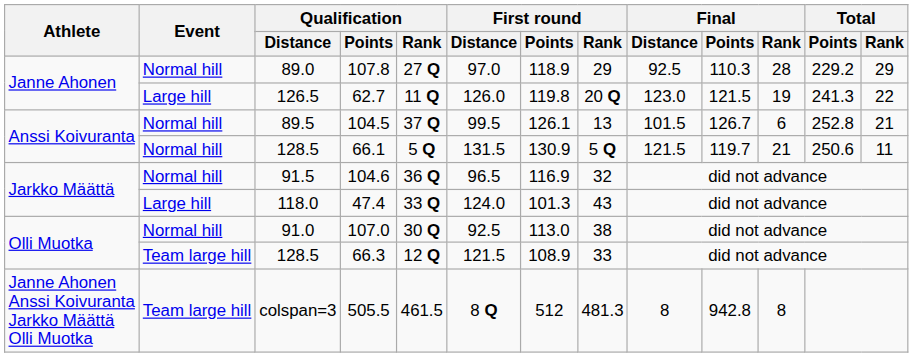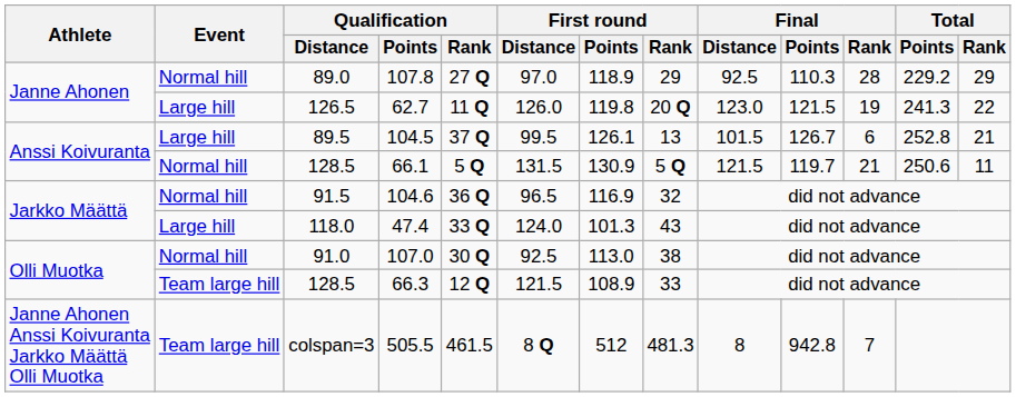 <table class="wikitable" style="font-size:90%">
 <tr>
 <th rowspan=2>Athlete</th>
 <th rowspan=2>Event</th>
 <th colspan=3>Qualification</th>
 <th colspan=3>First round</th>
 <th colspan=3>Final</th>
 <th colspan=2>Total</th>
 </tr>
 <tr style="font-size:95%">
 <th>Distance</th>
 <th>Points</th>
 <th>Rank</th>
 <th>Distance</th>
 <th>Points</th>
 <th>Rank</th>
 <th>Distance</th>
 <th>Points</th>
 <th>Rank</th>
 <th>Points</th>
 <th>Rank</th>
 </tr>
 <tr align=center>
 <td align=left rowspan=2><a href='#'>Janne Ahonen</a></td>
 <td align=left><a href='#'>Normal hill</a></td>
 <td>89.0</td>
 <td>107.8</td>
 <td>27 <strong>Q</strong></td>
 <td>97.0</td>
 <td>118.9</td>
 <td>29</td>
 <td>92.5</td>
 <td>110.3</td>
 <td>28</td>
 <td>229.2</td>
 <td>29</td>
 </tr>
 <tr align=center>
 <td align=left><a href='#'>Large hill</a></td>
 <td>126.5</td>
 <td>62.7</td>
 <td>11 <strong>Q</strong></td>
 <td>126.0</td>
 <td>119.8</td>
 <td>20 <strong>Q</strong></td>
 <td>123.0</td>
 <td>121.5</td>
 <td>19</td>
 <td>241.3</td>
 <td>22</td>
 </tr>
 <tr align=center>
 <td align=left rowspan=2><a href='#'>Anssi Koivuranta</a></td>
-<td align=left><a href='#'>Normal hill</a></td>
+<td align=left><a href='#'>Large hill</a></td>
 <td>89.5</td>
 <td>104.5</td>
 <td>37 <strong>Q</strong></td>
 <td>99.5</td>
 <td>126.1</td>
 <td>13</td>
 <td>101.5</td>
 <td>126.7</td>
 <td>6</td>
 <td>252.8</td>
 <td>21</td>
 </tr>
 <tr align=center>
 <td align=left><a href='#'>Normal hill</a></td>
 <td>128.5</td>
 <td>66.1</td>
 <td>5 <strong>Q</strong></td>
 <td>131.5</td>
 <td>130.9</td>
 <td>5 <strong>Q</strong></td>
 <td>121.5</td>
 <td>119.7</td>
 <td>21</td>
 <td>250.6</td>
 <td>11</td>
 </tr>
 <tr align=center>
 <td align=left rowspan=2><a href='#'>Jarkko Määttä</a></td>
 <td align=left><a href='#'>Normal hill</a></td>
 <td>91.5</td>
 <td>104.6</td>
 <td>36 <strong>Q</strong></td>
 <td>96.5</td>
 <td>116.9</td>
 <td>32</td>
 <td colspan=5>did not advance</td>
 </tr>
 <tr align=center>
 <td align=left><a href='#'>Large hill</a></td>
 <td>118.0</td>
 <td>47.4</td>
 <td>33 <strong>Q</strong></td>
 <td>124.0</td>
 <td>101.3</td>
 <td>43</td>
 <td colspan=5>did not advance</td>
 </tr>
 <tr align=center>
 <td align=left rowspan=2><a href='#'>Olli Muotka</a></td>
 <td align=left><a href='#'>Normal hill</a></td>
 <td>91.0</td>
 <td>107.0</td>
 <td>30 <strong>Q</strong></td>
 <td>92.5</td>
 <td>113.0</td>
 <td>38</td>
 <td colspan=5>did not advance</td>
 </tr>
 <tr align=center>
 <td align=left><a href='#'>Team large hill</a></td>
 <td>128.5</td>
 <td>66.3</td>
 <td>12 <strong>Q</strong></td>
 <td>121.5</td>
 <td>108.9</td>
 <td>33</td>
 <td colspan=5>did not advance</td>
 </tr>
 <tr align=center>
 <td align=left><a href='#'>Janne Ahonen</a><br><a href='#'>Anssi Koivuranta</a><br><a href='#'>Jarkko Määttä</a><br><a href='#'>Olli Muotka</a></td>
 <td align=left><a href='#'>Team large hill</a></td>
 <td>colspan=3 </td>
 <td>505.5</td>
 <td>461.5</td>
 <td>8 <strong>Q</strong></td>
 <td>512</td>
 <td>481.3</td>
 <td>8</td>
 <td>942.8</td>
-<td>8</td>
+<td>7</td>
 </tr>
 </table>
